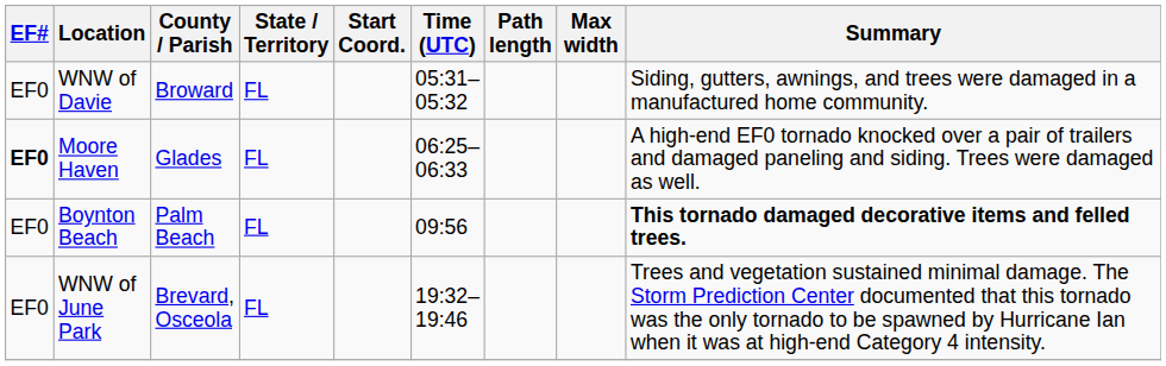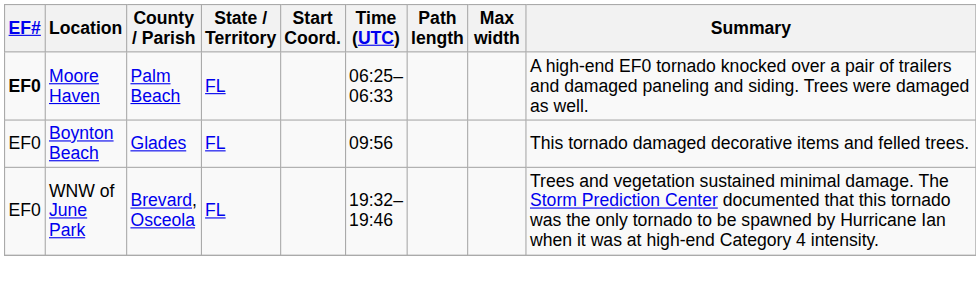 <table class="wikitable sortable" style="width:100%;">
 <tr>
 <th scope="col"  style="width:3%; text-align:center;"><a href='#'>EF#</a></th>
 <th scope="col"  style="width:7%; text-align:center;" class="unsortable">Location</th>
 <th scope="col"  style="width:6%; text-align:center;" class="unsortable">County / Parish</th>
 <th scope="col"  style="width:5%; text-align:center;">State / Territory</th>
 <th scope="col"  style="width:6%; text-align:center;">Start Coord.</th>
 <th scope="col"  style="width:6%; text-align:center;">Time (<a href='#'>UTC</a>)</th>
 <th scope="col"  style="width:6%; text-align:center;">Path length</th>
 <th scope="col"  style="width:6%; text-align:center;">Max width</th>
 <th scope="col" class="unsortable" style="width:48%; text-align:center;">Summary</th>
 </tr>
 <tr>
-<td>EF0</td>
-<td>WNW of <a href='#'>Davie</a></td>
-<td><a href='#'>Broward</a></td>
-<td><a href='#'>FL</a></td>
-<td></td>
-<td>05:31–05:32</td>
-<td></td>
-<td></td>
-<td>Siding, gutters, awnings, and trees were damaged in a manufactured home community.</td>
-</tr>
-<tr>
 <td><strong>EF0</strong></td>
 <td><a href='#'>Moore Haven</a></td>
-<td><a href='#'>Glades</a></td>
+<td><a href='#'>Palm Beach</a></td>
 <td><a href='#'>FL</a></td>
 <td></td>
 <td>06:25–06:33</td>
 <td></td>
 <td></td>
 <td>A high-end EF0 tornado knocked over a pair of trailers and damaged paneling and siding. Trees were damaged as well.</td>
 </tr>
 <tr>
 <td>EF0</td>
 <td><a href='#'>Boynton Beach</a></td>
-<td><a href='#'>Palm Beach</a></td>
+<td><a href='#'>Glades</a></td>
 <td><a href='#'>FL</a></td>
 <td></td>
 <td>09:56</td>
 <td></td>
 <td></td>
-<td><strong>This tornado damaged decorative items and felled trees.</strong></td>
+<td>This tornado damaged decorative items and felled trees.</td>
 </tr>
 <tr>
 <td>EF0</td>
 <td>WNW of <a href='#'>June Park</a></td>
 <td><a href='#'>Brevard</a>, <a href='#'>Osceola</a></td>
 <td><a href='#'>FL</a></td>
 <td></td>
 <td>19:32–19:46</td>
 <td></td>
 <td></td>
 <td>Trees and vegetation sustained minimal damage. The <a href='#'>Storm Prediction Center</a> documented that this tornado was the only tornado to be spawned by Hurricane Ian when it was at high-end Category 4 intensity.</td>
 </tr>
 <tr>
 </tr>
 </table>
